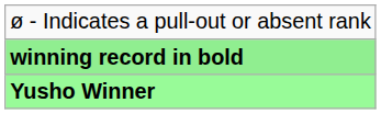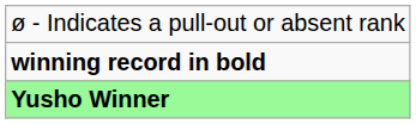 <table class="wikitable">
 <tr>
 <td>ø - Indicates a pull-out or absent rank</td>
 </tr>
 <tr>
-<td style="background: lightgreen;"><strong>winning record in bold</strong></td>
+<td><strong>winning record in bold</strong></td>
 </tr>
 <tr>
 <td style="background: PaleGreen;"><strong>Yusho Winner</strong></td>
 </tr>
 </table>
